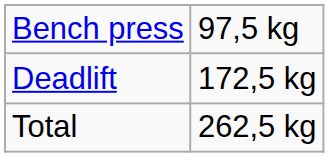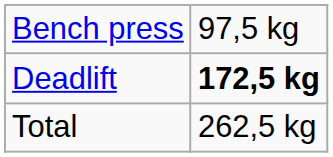 <table class="wikitable">
 <tr>
 <td><a href='#'>Bench press</a></td>
 <td>97,5 kg</td>
 </tr>
 <tr>
 <td><a href='#'>Deadlift</a></td>
-<td>172,5 kg</td>
+<td><strong>172,5 kg</strong></td>
 </tr>
 <tr>
 <td>Total</td>
 <td>262,5 kg</td>
 </tr>
 </table>
